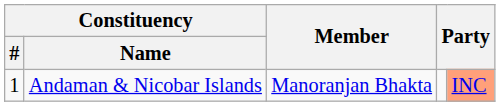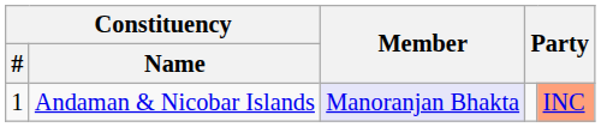 <table class="wikitable">
 <tr>
 <th colspan="2">Constituency</th>
 <th rowspan="2">Member</th>
 <th colspan="2" rowspan="2">Party</th>
 </tr>
 <tr>
 <th>#</th>
 <th>Name</th>
 </tr>
 <tr>
 <td>1</td>
 <td><a href='#'>Andaman & Nicobar Islands</a></td>
-<td><a href='#'>Manoranjan Bhakta</a></td>
+<td style="background: lavender;"><a href='#'>Manoranjan Bhakta</a></td>
 <td style="background-color: "></td>
 <td style="background: lightsalmon;"><a href='#'>INC</a></td>
 </tr>
 </table>
